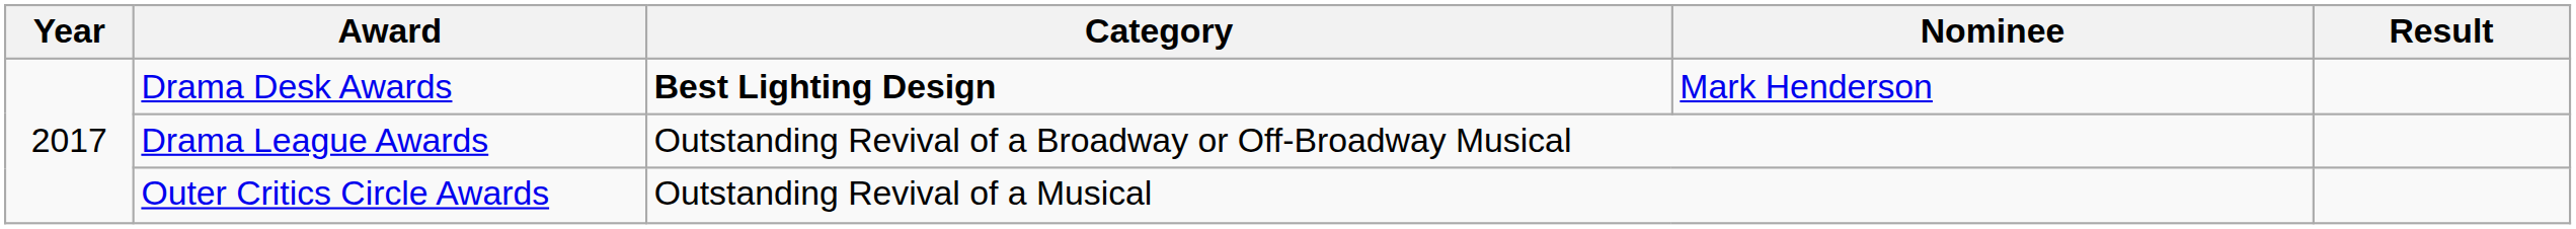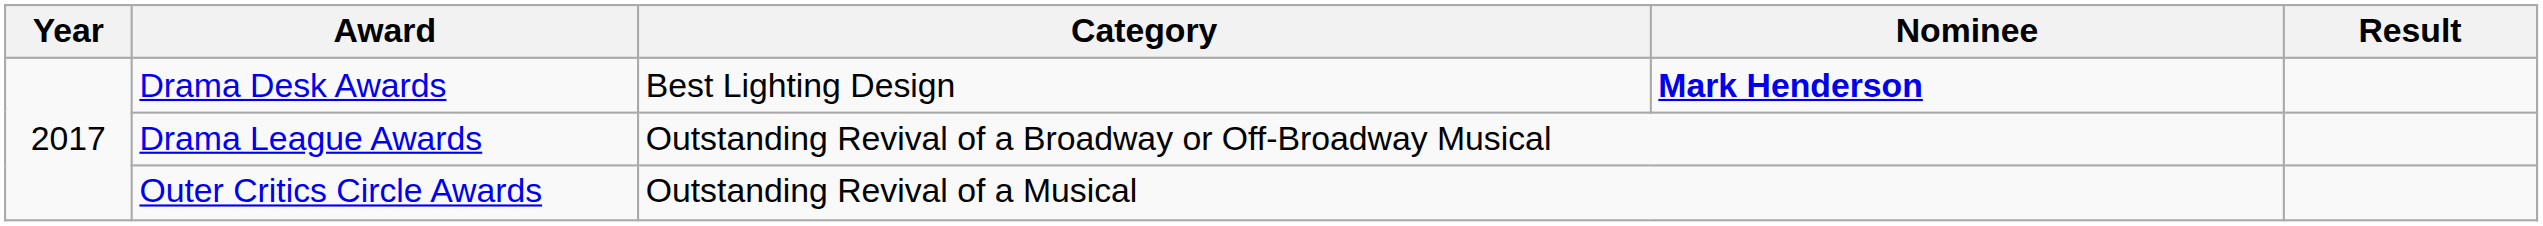 <table class="wikitable" style="width:95%;">
 <tr>
 <th style="width:5%;">Year</th>
 <th style="width:20%;">Award</th>
 <th style="width:40%;">Category</th>
 <th style="width:25%;">Nominee</th>
 <th style="width:10%;">Result</th>
 </tr>
 <tr>
 <td rowspan="3" style="text-align:center;">2017</td>
 <td><a href='#'>Drama Desk Awards</a></td>
-<td><strong>Best Lighting Design</strong></td>
-<td><a href='#'>Mark Henderson</a></td>
+<td>Best Lighting Design</td>
+<td><strong><a href='#'>Mark Henderson</a></strong></td>
 <td></td>
 </tr>
 <tr>
 <td><a href='#'>Drama League Awards</a></td>
 <td colspan="2">Outstanding Revival of a Broadway or Off-Broadway Musical</td>
 <td></td>
 </tr>
 <tr>
 <td><a href='#'>Outer Critics Circle Awards</a></td>
 <td colspan="2">Outstanding Revival of a Musical</td>
 <td></td>
 </tr>
 </table>
